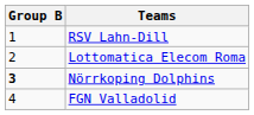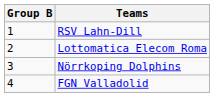 <table class="wikitable">
 <tr>
 <th>Group B</th>
 <th>Teams</th>
 </tr>
 <tr>
 <td>1</td>
 <td> <a href='#'>RSV Lahn-Dill</a></td>
 </tr>
 <tr>
 <td>2</td>
 <td> <a href='#'>Lottomatica Elecom Roma</a></td>
 </tr>
 <tr>
-<td><strong>3</strong></td>
+<td>3</td>
 <td> <a href='#'>Nörrkoping Dolphins</a></td>
 </tr>
 <tr>
 <td>4</td>
 <td> <a href='#'>FGN Valladolid</a></td>
 </tr>
 </table>
